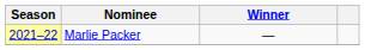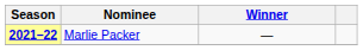 <table class="wikitable">
 <tr>
 <th width=65>Season</th>
 <th width=170>Nominee</th>
 <th width=170><a href='#'>Winner</a></th>
 <th width=20></th>
 </tr>
 <tr>
-<td style="text-align:center; background:#FFFF99"><a href='#'>2021–22</a></td>
+<td style="text-align:center; background:#FFFF99"><strong><a href='#'>2021–22</a></strong></td>
 <td> <a href='#'>Marlie Packer</a></td>
 <td align=center>—</td>
 <td align=center></td>
 </tr>
 <tr>
 </tr>
 </table>
